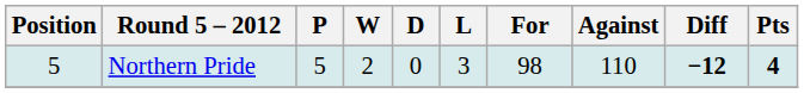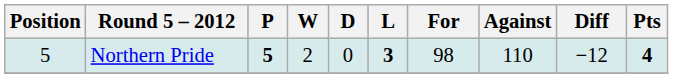 <table class="wikitable" style="text-align:center; font-size:85%;">
 <tr>
 <th width=40 abbr="Position">Position</th>
 <th width=100>Round 5 – 2012</th>
 <th width=20 abbr="Played">P</th>
 <th width=20 abbr="Won">W</th>
 <th width=20 abbr="Drawn">D</th>
 <th width=20 abbr="Lost">L</th>
 <th width=40 abbr="Points for">For</th>
 <th width=40 abbr="Points against">Against</th>
 <th width=40 abbr="Points difference">Diff</th>
 <th width=20 abbr="Points">Pts</th>
 </tr>
 <tr style="background: #d7ebed;">
 <td>5</td>
 <td style="text-align:left;"> <a href='#'>Northern Pride</a></td>
-<td>5</td>
+<td><strong>5</strong></td>
 <td>2</td>
 <td>0</td>
-<td>3</td>
+<td><strong>3</strong></td>
 <td>98</td>
 <td>110</td>
-<td><strong>−12</strong></td>
+<td>−12</td>
 <td><strong>4</strong></td>
 </tr>
 <tr>
 </tr>
 </table>
